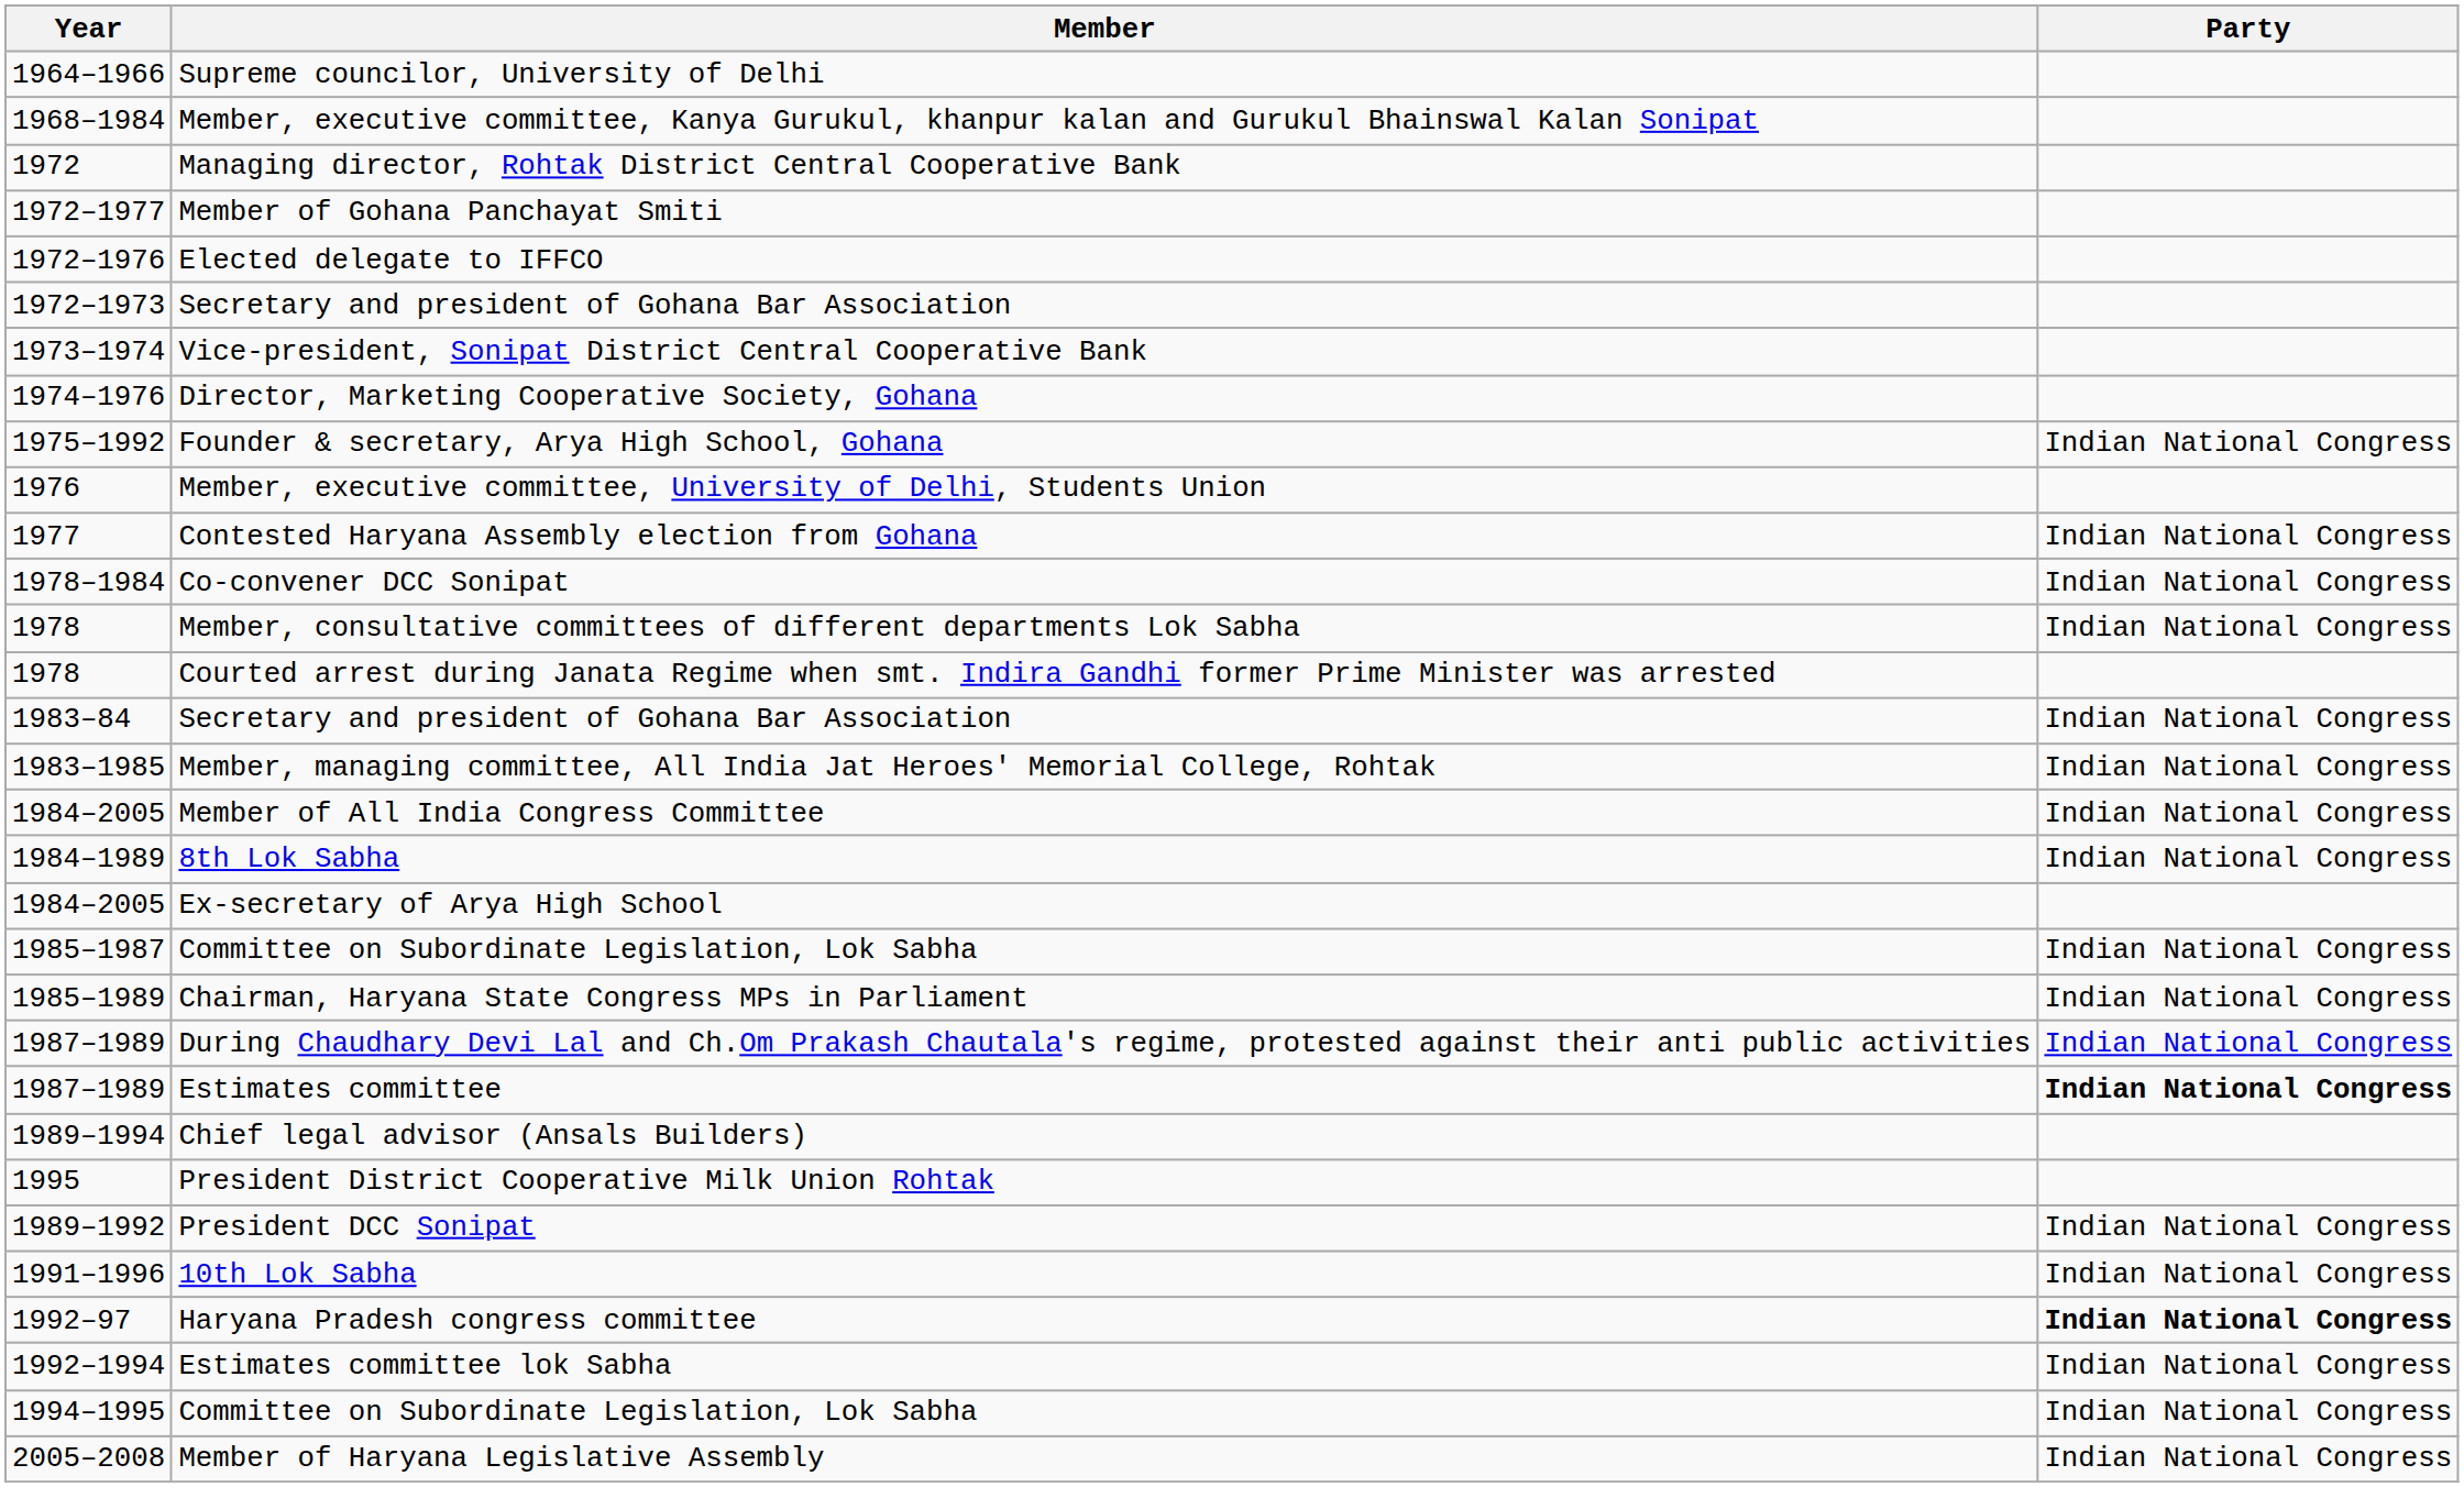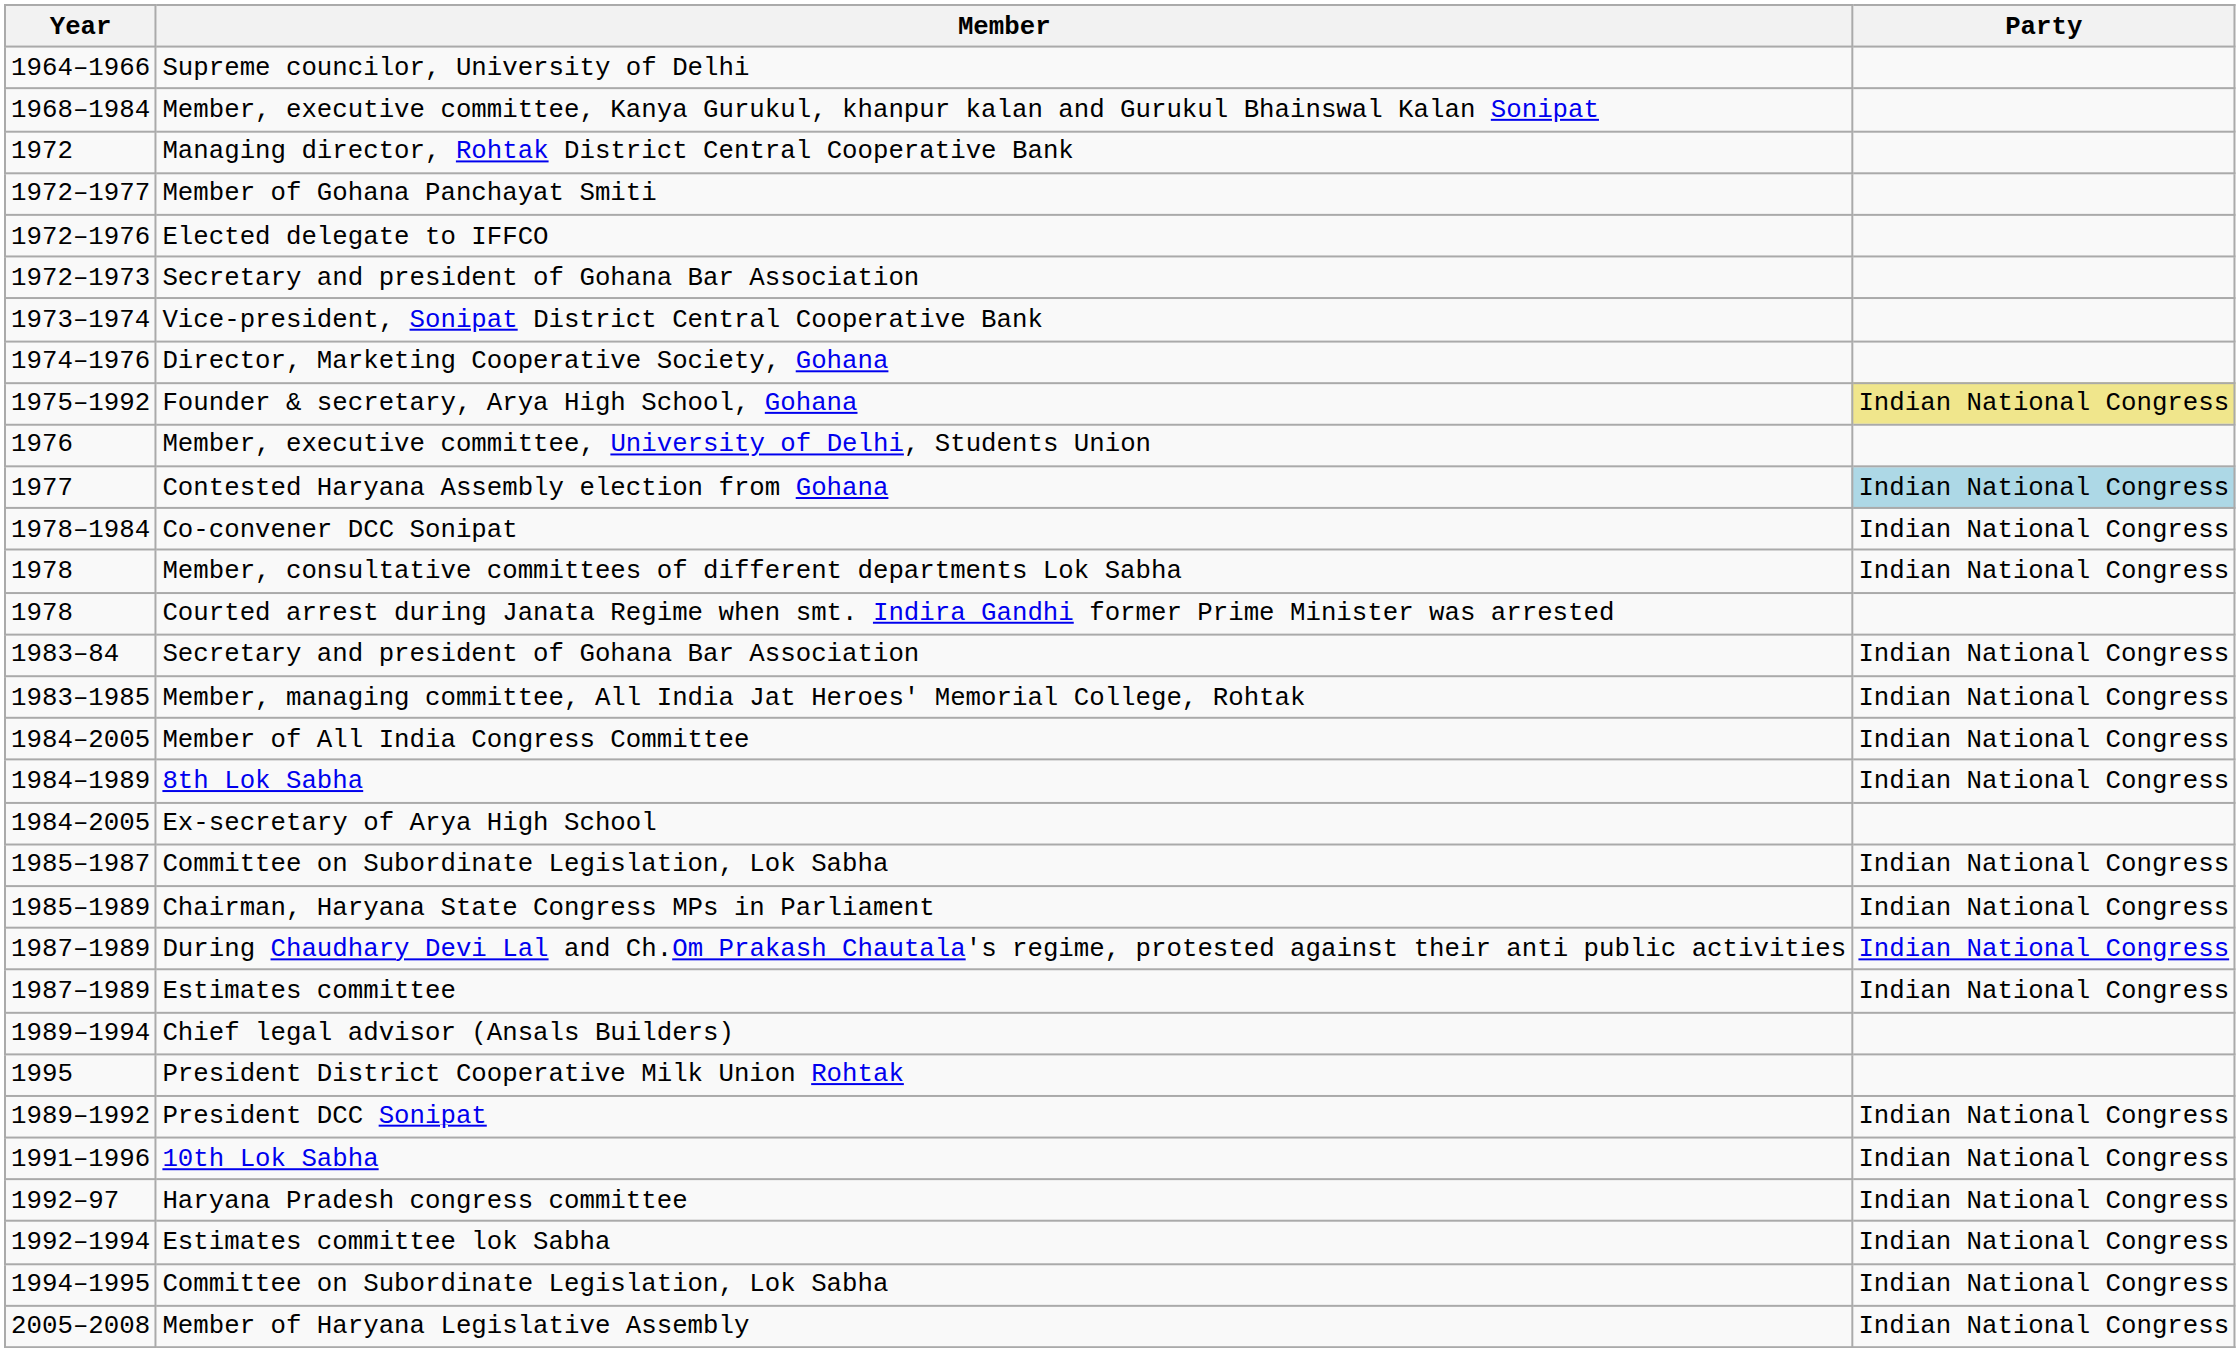 <table class="wikitable">
 <tr>
 <th>Year</th>
 <th>Member</th>
 <th>Party</th>
 </tr>
 <tr>
 <td>1964–1966</td>
 <td>Supreme councilor, University of Delhi</td>
 <td></td>
 </tr>
 <tr>
 <td>1968–1984</td>
 <td>Member, executive committee, Kanya Gurukul, khanpur kalan and Gurukul Bhainswal Kalan <a href='#'>Sonipat</a></td>
 <td></td>
 </tr>
 <tr>
 <td>1972</td>
 <td>Managing director, <a href='#'>Rohtak</a> District Central Cooperative Bank</td>
 <td></td>
 </tr>
 <tr>
 <td>1972–1977</td>
 <td>Member of Gohana Panchayat Smiti</td>
 <td></td>
 </tr>
 <tr>
 <td>1972–1976</td>
 <td>Elected delegate to IFFCO</td>
 <td></td>
 </tr>
 <tr>
 <td>1972–1973</td>
 <td>Secretary and president of Gohana Bar Association</td>
 <td></td>
 </tr>
 <tr>
 <td>1973–1974</td>
 <td>Vice-president, <a href='#'>Sonipat</a> District Central Cooperative Bank</td>
 <td></td>
 </tr>
 <tr>
 <td>1974–1976</td>
 <td>Director, Marketing Cooperative Society, <a href='#'>Gohana</a></td>
 <td></td>
 </tr>
 <tr>
 <td>1975–1992</td>
 <td>Founder & secretary, Arya High School, <a href='#'>Gohana</a></td>
-<td>Indian National Congress</td>
+<td style="background: khaki;">Indian National Congress</td>
 </tr>
 <tr>
 <td>1976</td>
 <td>Member, executive committee, <a href='#'>University of Delhi</a>, Students Union</td>
 <td></td>
 </tr>
 <tr>
 <td>1977</td>
 <td>Contested Haryana Assembly election from <a href='#'>Gohana</a></td>
-<td>Indian National Congress</td>
+<td style="background: lightblue;">Indian National Congress</td>
 </tr>
 <tr>
 <td>1978–1984</td>
 <td>Co-convener DCC Sonipat</td>
 <td>Indian National Congress</td>
 </tr>
 <tr>
 <td>1978</td>
 <td>Member, consultative committees of different departments Lok Sabha</td>
 <td>Indian National Congress</td>
 </tr>
 <tr>
 <td>1978</td>
 <td>Courted arrest during Janata Regime when smt. <a href='#'>Indira Gandhi</a> former Prime Minister was arrested</td>
 <td></td>
 </tr>
 <tr>
 <td>1983–84</td>
 <td>Secretary and president of Gohana Bar Association</td>
 <td>Indian National Congress</td>
 </tr>
 <tr>
 <td>1983–1985</td>
 <td>Member, managing committee, All India Jat Heroes' Memorial College, Rohtak</td>
 <td>Indian National Congress</td>
 </tr>
 <tr>
 <td>1984–2005</td>
 <td>Member of All India Congress Committee</td>
 <td>Indian National Congress</td>
 </tr>
 <tr>
 <td>1984–1989</td>
 <td><a href='#'>8th Lok Sabha</a></td>
 <td>Indian National Congress</td>
 </tr>
 <tr>
 <td>1984–2005</td>
 <td>Ex-secretary of Arya High School</td>
 <td></td>
 </tr>
 <tr>
 <td>1985–1987</td>
 <td>Committee on Subordinate Legislation, Lok Sabha</td>
 <td>Indian National Congress</td>
 </tr>
 <tr>
 <td>1985–1989</td>
 <td>Chairman, Haryana State Congress MPs in Parliament</td>
 <td>Indian National Congress</td>
 </tr>
 <tr>
 <td>1987–1989</td>
 <td>During <a href='#'>Chaudhary Devi Lal</a> and Ch.<a href='#'>Om Prakash Chautala</a>'s regime, protested against their anti public activities</td>
 <td><a href='#'>Indian National Congress</a></td>
 </tr>
 <tr>
 <td>1987–1989</td>
 <td>Estimates committee</td>
-<td><strong>Indian National Congress</strong></td>
+<td>Indian National Congress</td>
 </tr>
 <tr>
 <td>1989–1994</td>
 <td>Chief legal advisor (Ansals Builders)</td>
 <td></td>
 </tr>
 <tr>
 <td>1995</td>
 <td>President District Cooperative Milk Union <a href='#'>Rohtak</a></td>
 <td></td>
 </tr>
 <tr>
 <td>1989–1992</td>
 <td>President DCC <a href='#'>Sonipat</a></td>
 <td>Indian National Congress</td>
 </tr>
 <tr>
 <td>1991–1996</td>
 <td><a href='#'>10th Lok Sabha</a></td>
 <td>Indian National Congress</td>
 </tr>
 <tr>
 <td>1992–97</td>
 <td>Haryana Pradesh congress committee</td>
-<td><strong>Indian National Congress</strong></td>
+<td>Indian National Congress</td>
 </tr>
 <tr>
 <td>1992–1994</td>
 <td>Estimates committee lok Sabha</td>
 <td>Indian National Congress</td>
 </tr>
 <tr>
 <td>1994–1995</td>
 <td>Committee on Subordinate Legislation, Lok Sabha</td>
 <td>Indian National Congress</td>
 </tr>
 <tr>
 <td>2005–2008</td>
 <td>Member of Haryana Legislative Assembly</td>
 <td>Indian National Congress</td>
 </tr>
 <tr>
 </tr>
 </table>
